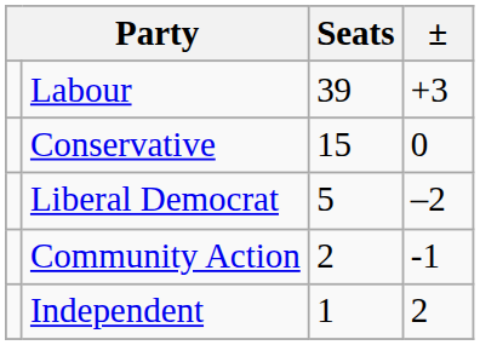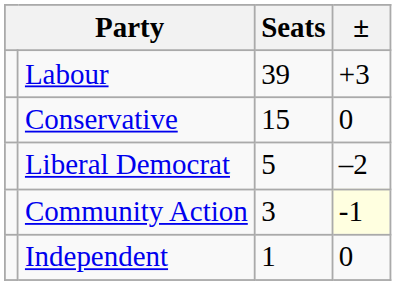 <table class="wikitable">
 <tr>
 <th colspan="2">Party</th>
 <th>Seats</th>
 <th>  ±  </th>
 </tr>
 <tr>
 <td style="background-color: "></td>
 <td><a href='#'>Labour</a></td>
 <td>39</td>
 <td>+3</td>
 </tr>
 <tr>
 <td style="background-color: "></td>
 <td><a href='#'>Conservative</a></td>
 <td>15</td>
 <td>0</td>
 </tr>
 <tr>
 <td style="background-color: "></td>
 <td><a href='#'>Liberal Democrat</a></td>
 <td>5</td>
 <td>–2</td>
 </tr>
 <tr>
 <td style="background-color: "></td>
 <td><a href='#'>Community Action</a></td>
-<td>2</td>
-<td>-1</td>
+<td>3</td>
+<td style="background: lightyellow;">-1</td>
 </tr>
 <tr>
 <td style="background-color: "></td>
 <td><a href='#'>Independent</a></td>
 <td>1</td>
-<td>2</td>
+<td>0</td>
 </tr>
 </table>
